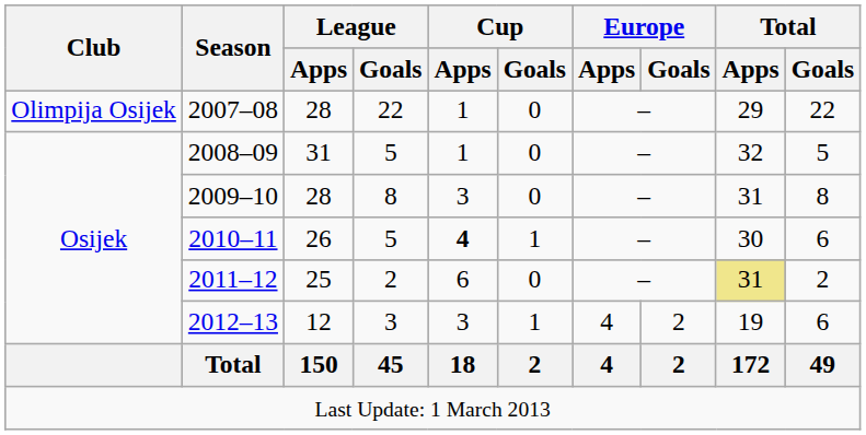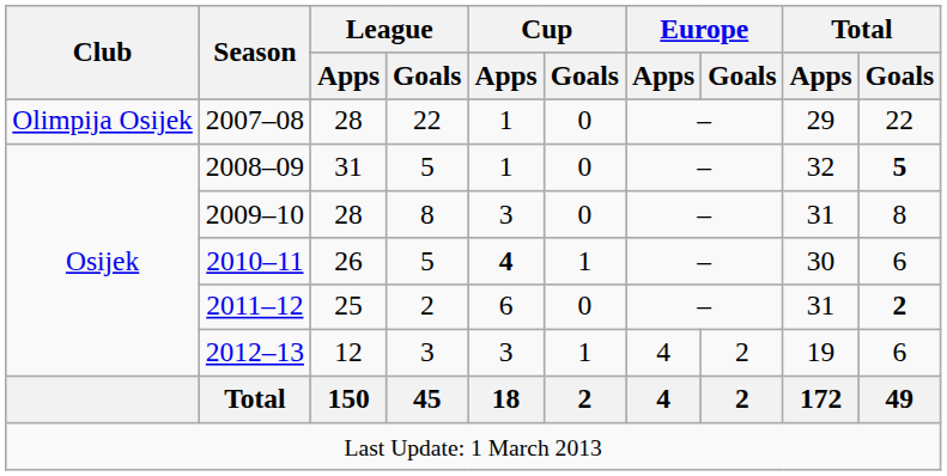 <table class="wikitable" style="font-size:90%; text-align: center">
 <tr>
 <th rowspan="2">Club</th>
 <th rowspan="2">Season</th>
 <th colspan="2">League</th>
 <th colspan="2">Cup</th>
 <th colspan="2"><a href='#'>Europe</a></th>
 <th colspan="2">Total</th>
 </tr>
 <tr>
 <th>Apps</th>
 <th>Goals</th>
 <th>Apps</th>
 <th>Goals</th>
 <th>Apps</th>
 <th>Goals</th>
 <th>Apps</th>
 <th>Goals</th>
 </tr>
 <tr>
 <td rowspan="1" valign="center"><a href='#'>Olimpija Osijek</a></td>
 <td>2007–08</td>
 <td>28</td>
 <td>22</td>
 <td>1</td>
 <td>0</td>
 <td colspan="2">–</td>
 <td>29</td>
 <td>22</td>
 </tr>
 <tr>
 <td rowspan="5" valign="center"><a href='#'>Osijek</a></td>
 <td>2008–09</td>
 <td>31</td>
 <td>5</td>
 <td>1</td>
 <td>0</td>
 <td colspan="2">–</td>
 <td>32</td>
-<td>5</td>
+<td><strong>5</strong></td>
 </tr>
 <tr>
 <td>2009–10</td>
 <td>28</td>
 <td>8</td>
 <td>3</td>
 <td>0</td>
 <td colspan="2">–</td>
 <td>31</td>
 <td>8</td>
 </tr>
 <tr>
 <td><a href='#'>2010–11</a></td>
 <td>26</td>
 <td>5</td>
 <td><strong>4</strong></td>
 <td>1</td>
 <td colspan="2">–</td>
 <td>30</td>
 <td>6</td>
 </tr>
 <tr>
 <td><a href='#'>2011–12</a></td>
 <td>25</td>
 <td>2</td>
 <td>6</td>
 <td>0</td>
 <td colspan="2">–</td>
-<td style="background: khaki;">31</td>
-<td>2</td>
+<td>31</td>
+<td><strong>2</strong></td>
 </tr>
 <tr>
 <td><a href='#'>2012–13</a></td>
 <td>12</td>
 <td>3</td>
 <td>3</td>
 <td>1</td>
 <td>4</td>
 <td>2</td>
 <td>19</td>
 <td>6</td>
 </tr>
 <tr>
 <th></th>
 <th>Total</th>
 <th>150</th>
 <th>45</th>
 <th>18</th>
 <th>2</th>
 <th>4</th>
 <th>2</th>
 <th>172</th>
 <th>49</th>
 </tr>
 <tr>
 <td colspan="10"><small>Last Update: 1 March 2013</small></td>
 </tr>
 </table>
